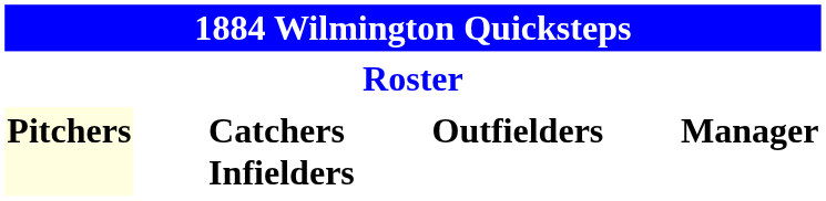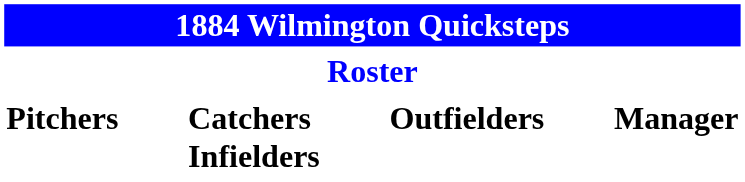 <table class="toccolours" style="font-size: 95%;">
 <tr>
 <th colspan="10" style="background-color: blue; color: white; text-align: center;">1884 Wilmington Quicksteps</th>
 </tr>
 <tr>
 <td colspan="10" style="background-color: white; color: blue; text-align: center;"><strong>Roster</strong></td>
 </tr>
 <tr>
-<td valign="top" style="background: lightyellow;"><strong>Pitchers</strong><br>     </td>
+<td valign="top"><strong>Pitchers</strong><br>     </td>
 <td width="25px"></td>
 <td valign="top"><strong>Catchers</strong><br>  <strong>Infielders</strong>     </td>
 <td width="25px"></td>
 <td valign="top"><strong>Outfielders</strong><br>      </td>
 <td width="25px"></td>
 <td valign="top"><strong>Manager</strong><br></td>
 </tr>
 </table>
